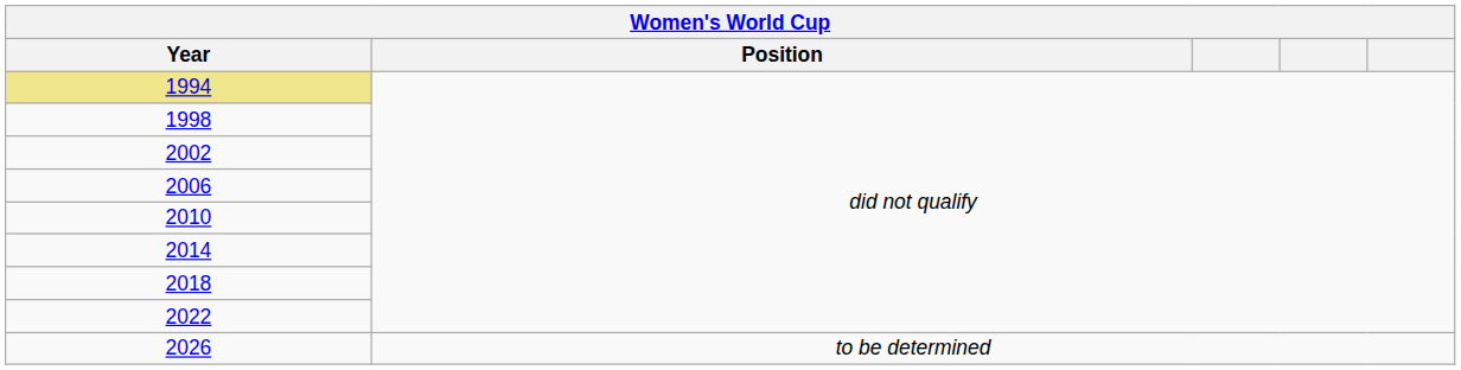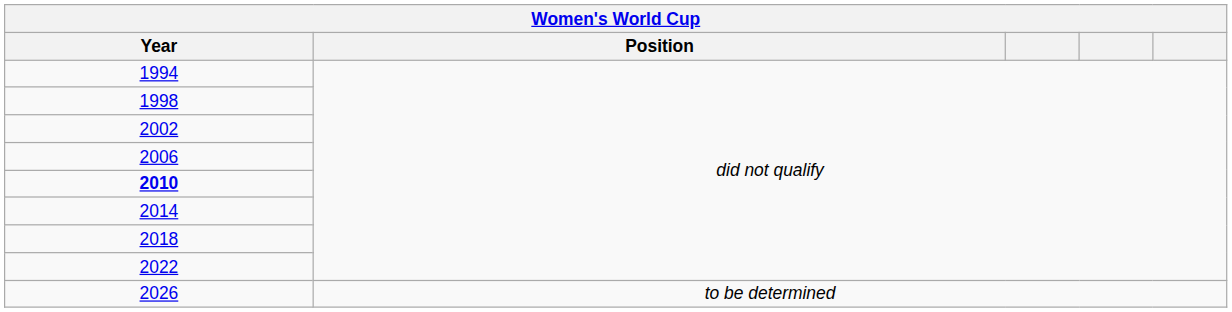 <table class="wikitable" width=80% style="text-align: center;font-size:90%;">
 <tr>
 <th colspan=5><a href='#'>Women's World Cup</a></th>
 </tr>
 <tr>
 <th>Year</th>
 <th>Position</th>
 <th></th>
 <th></th>
 <th></th>
 </tr>
 <tr>
-<td style="background: khaki;"> <a href='#'>1994</a></td>
+<td> <a href='#'>1994</a></td>
 <td colspan=4 rowspan=8><em>did not qualify</em></td>
 </tr>
 <tr>
 <td> <a href='#'>1998</a></td>
 </tr>
 <tr>
 <td> <a href='#'>2002</a></td>
 </tr>
 <tr>
 <td> <a href='#'>2006</a></td>
 </tr>
 <tr>
-<td> <a href='#'>2010</a></td>
+<td><strong> <a href='#'>2010</a></strong></td>
 </tr>
 <tr>
 <td> <a href='#'>2014</a></td>
 </tr>
 <tr>
 <td> <a href='#'>2018</a></td>
 </tr>
 <tr>
 <td> <a href='#'>2022</a></td>
 </tr>
 <tr>
 <td> <a href='#'>2026</a></td>
 <td colspan=4><em>to be determined</em></td>
 </tr>
 </table>
